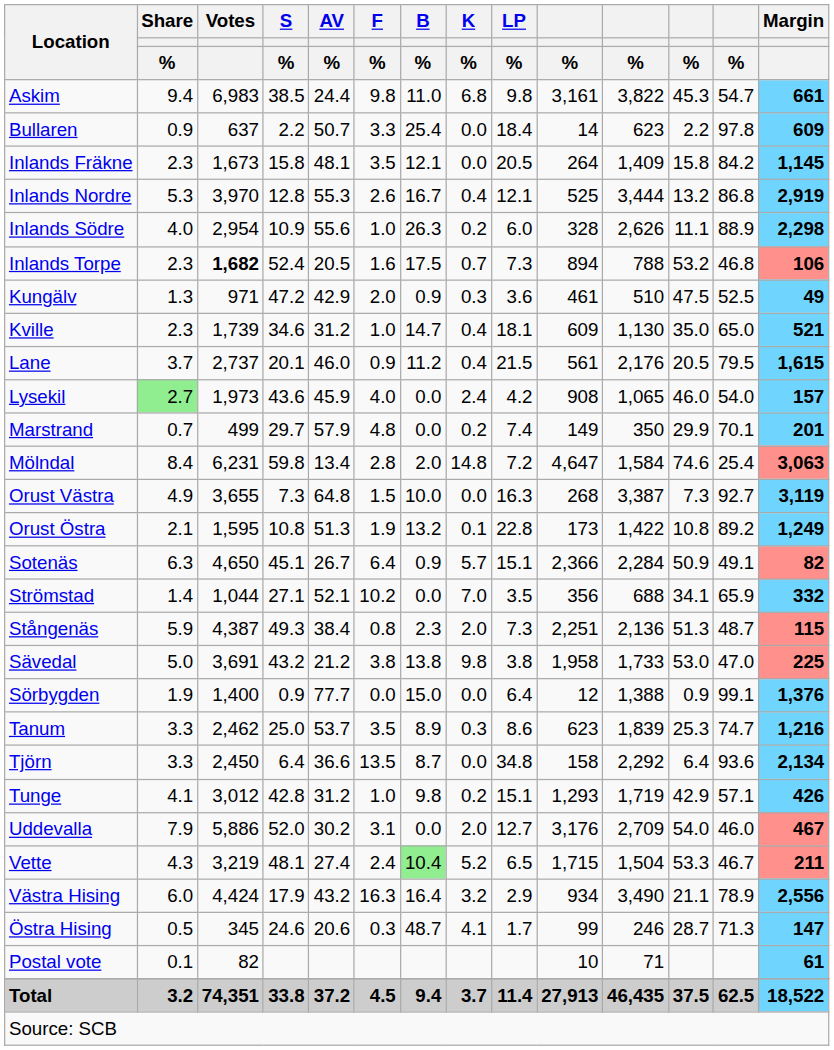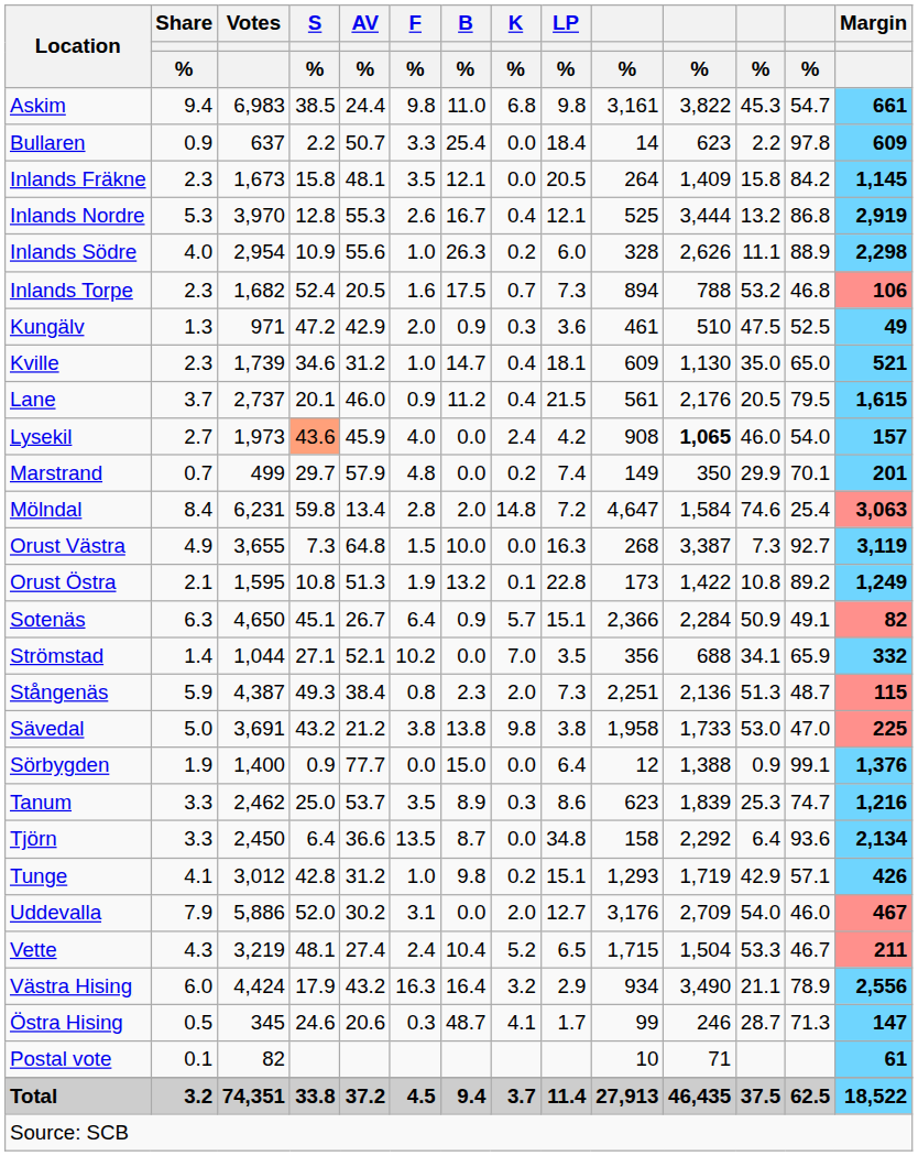 <table class="wikitable sortable" style="text-align:right; font-size:95%; line-height:20px;">
 <tr>
 <th rowspan="3">Location</th>
 <th>Share</th>
 <th>Votes</th>
 <th width="30px" class="unsortable"><a href='#'>S</a></th>
 <th width="30px" class="unsortable"><a href='#'>AV</a></th>
 <th width="30px" class="unsortable"><a href='#'>F</a></th>
 <th width="30px" class="unsortable"><a href='#'>B</a></th>
 <th width="30px" class="unsortable"><a href='#'>K</a></th>
 <th width="30px" class="unsortable"><a href='#'>LP</a></th>
 <th></th>
 <th></th>
 <th></th>
 <th></th>
 <th>Margin</th>
 </tr>
 <tr>
 <th></th>
 <th></th>
 <th style="background:"></th>
 <th style="background:"></th>
 <th style="background:"></th>
 <th style="background:"></th>
 <th style="background:"></th>
 <th style="background:"></th>
 <th style="background:"></th>
 <th style="background:"></th>
 <th style="background:"></th>
 <th style="background:"></th>
 <th></th>
 </tr>
 <tr>
 <th data-sort-type="number">%</th>
 <th></th>
 <th data-sort-type="number">%</th>
 <th data-sort-type="number">%</th>
 <th data-sort-type="number">%</th>
 <th data-sort-type="number">%</th>
 <th data-sort-type="number">%</th>
 <th data-sort-type="number">%</th>
 <th data-sort-type="number">%</th>
 <th data-sort-type="number">%</th>
 <th data-sort-type="number">%</th>
 <th data-sort-type="number">%</th>
 <th></th>
 </tr>
 <tr>
 <td align=left><a href='#'>Askim</a></td>
 <td>9.4</td>
 <td>6,983</td>
 <td>38.5</td>
 <td>24.4</td>
 <td>9.8</td>
 <td>11.0</td>
 <td>6.8</td>
 <td>9.8</td>
 <td>3,161</td>
 <td>3,822</td>
 <td>45.3</td>
 <td>54.7</td>
 <td bgcolor=#6fd5fe><strong>661</strong></td>
 </tr>
 <tr>
 <td align=left><a href='#'>Bullaren</a></td>
 <td>0.9</td>
 <td>637</td>
 <td>2.2</td>
 <td>50.7</td>
 <td>3.3</td>
 <td>25.4</td>
 <td>0.0</td>
 <td>18.4</td>
 <td>14</td>
 <td>623</td>
 <td>2.2</td>
 <td>97.8</td>
 <td bgcolor=#6fd5fe><strong>609</strong></td>
 </tr>
 <tr>
 <td align=left><a href='#'>Inlands Fräkne</a></td>
 <td>2.3</td>
 <td>1,673</td>
 <td>15.8</td>
 <td>48.1</td>
 <td>3.5</td>
 <td>12.1</td>
 <td>0.0</td>
 <td>20.5</td>
 <td>264</td>
 <td>1,409</td>
 <td>15.8</td>
 <td>84.2</td>
 <td bgcolor=#6fd5fe><strong>1,145</strong></td>
 </tr>
 <tr>
 <td align=left><a href='#'>Inlands Nordre</a></td>
 <td>5.3</td>
 <td>3,970</td>
 <td>12.8</td>
 <td>55.3</td>
 <td>2.6</td>
 <td>16.7</td>
 <td>0.4</td>
 <td>12.1</td>
 <td>525</td>
 <td>3,444</td>
 <td>13.2</td>
 <td>86.8</td>
 <td bgcolor=#6fd5fe><strong>2,919</strong></td>
 </tr>
 <tr>
 <td align=left><a href='#'>Inlands Södre</a></td>
 <td>4.0</td>
 <td>2,954</td>
 <td>10.9</td>
 <td>55.6</td>
 <td>1.0</td>
 <td>26.3</td>
 <td>0.2</td>
 <td>6.0</td>
 <td>328</td>
 <td>2,626</td>
 <td>11.1</td>
 <td>88.9</td>
 <td bgcolor=#6fd5fe><strong>2,298</strong></td>
 </tr>
 <tr>
 <td align=left><a href='#'>Inlands Torpe</a></td>
 <td>2.3</td>
-<td><strong>1,682</strong></td>
+<td>1,682</td>
 <td>52.4</td>
 <td>20.5</td>
 <td>1.6</td>
 <td>17.5</td>
 <td>0.7</td>
 <td>7.3</td>
 <td>894</td>
 <td>788</td>
 <td>53.2</td>
 <td>46.8</td>
 <td bgcolor=#ff908c><strong>106</strong></td>
 </tr>
 <tr>
 <td align=left><a href='#'>Kungälv</a></td>
 <td>1.3</td>
 <td>971</td>
 <td>47.2</td>
 <td>42.9</td>
 <td>2.0</td>
 <td>0.9</td>
 <td>0.3</td>
 <td>3.6</td>
 <td>461</td>
 <td>510</td>
 <td>47.5</td>
 <td>52.5</td>
 <td bgcolor=#6fd5fe><strong>49</strong></td>
 </tr>
 <tr>
 <td align=left><a href='#'>Kville</a></td>
 <td>2.3</td>
 <td>1,739</td>
 <td>34.6</td>
 <td>31.2</td>
 <td>1.0</td>
 <td>14.7</td>
 <td>0.4</td>
 <td>18.1</td>
 <td>609</td>
 <td>1,130</td>
 <td>35.0</td>
 <td>65.0</td>
 <td bgcolor=#6fd5fe><strong>521</strong></td>
 </tr>
 <tr>
 <td align=left><a href='#'>Lane</a></td>
 <td>3.7</td>
 <td>2,737</td>
 <td>20.1</td>
 <td>46.0</td>
 <td>0.9</td>
 <td>11.2</td>
 <td>0.4</td>
 <td>21.5</td>
 <td>561</td>
 <td>2,176</td>
 <td>20.5</td>
 <td>79.5</td>
 <td bgcolor=#6fd5fe><strong>1,615</strong></td>
 </tr>
 <tr>
 <td align=left><a href='#'>Lysekil</a></td>
-<td style="background: lightgreen;">2.7</td>
+<td>2.7</td>
 <td>1,973</td>
-<td>43.6</td>
+<td style="background: lightsalmon;">43.6</td>
 <td>45.9</td>
 <td>4.0</td>
 <td>0.0</td>
 <td>2.4</td>
 <td>4.2</td>
 <td>908</td>
-<td>1,065</td>
+<td><strong>1,065</strong></td>
 <td>46.0</td>
 <td>54.0</td>
 <td bgcolor=#6fd5fe><strong>157</strong></td>
 </tr>
 <tr>
 <td align=left><a href='#'>Marstrand</a></td>
 <td>0.7</td>
 <td>499</td>
 <td>29.7</td>
 <td>57.9</td>
 <td>4.8</td>
 <td>0.0</td>
 <td>0.2</td>
 <td>7.4</td>
 <td>149</td>
 <td>350</td>
 <td>29.9</td>
 <td>70.1</td>
 <td bgcolor=#6fd5fe><strong>201</strong></td>
 </tr>
 <tr>
 <td align=left><a href='#'>Mölndal</a></td>
 <td>8.4</td>
 <td>6,231</td>
 <td>59.8</td>
 <td>13.4</td>
 <td>2.8</td>
 <td>2.0</td>
 <td>14.8</td>
 <td>7.2</td>
 <td>4,647</td>
 <td>1,584</td>
 <td>74.6</td>
 <td>25.4</td>
 <td bgcolor=#ff908c><strong>3,063</strong></td>
 </tr>
 <tr>
 <td align=left><a href='#'>Orust Västra</a></td>
 <td>4.9</td>
 <td>3,655</td>
 <td>7.3</td>
 <td>64.8</td>
 <td>1.5</td>
 <td>10.0</td>
 <td>0.0</td>
 <td>16.3</td>
 <td>268</td>
 <td>3,387</td>
 <td>7.3</td>
 <td>92.7</td>
 <td bgcolor=#6fd5fe><strong>3,119</strong></td>
 </tr>
 <tr>
 <td align=left><a href='#'>Orust Östra</a></td>
 <td>2.1</td>
 <td>1,595</td>
 <td>10.8</td>
 <td>51.3</td>
 <td>1.9</td>
 <td>13.2</td>
 <td>0.1</td>
 <td>22.8</td>
 <td>173</td>
 <td>1,422</td>
 <td>10.8</td>
 <td>89.2</td>
 <td bgcolor=#6fd5fe><strong>1,249</strong></td>
 </tr>
 <tr>
 <td align=left><a href='#'>Sotenäs</a></td>
 <td>6.3</td>
 <td>4,650</td>
 <td>45.1</td>
 <td>26.7</td>
 <td>6.4</td>
 <td>0.9</td>
 <td>5.7</td>
 <td>15.1</td>
 <td>2,366</td>
 <td>2,284</td>
 <td>50.9</td>
 <td>49.1</td>
 <td bgcolor=#ff908c><strong>82</strong></td>
 </tr>
 <tr>
 <td align=left><a href='#'>Strömstad</a></td>
 <td>1.4</td>
 <td>1,044</td>
 <td>27.1</td>
 <td>52.1</td>
 <td>10.2</td>
 <td>0.0</td>
 <td>7.0</td>
 <td>3.5</td>
 <td>356</td>
 <td>688</td>
 <td>34.1</td>
 <td>65.9</td>
 <td bgcolor=#6fd5fe><strong>332</strong></td>
 </tr>
 <tr>
 <td align=left><a href='#'>Stångenäs</a></td>
 <td>5.9</td>
 <td>4,387</td>
 <td>49.3</td>
 <td>38.4</td>
 <td>0.8</td>
 <td>2.3</td>
 <td>2.0</td>
 <td>7.3</td>
 <td>2,251</td>
 <td>2,136</td>
 <td>51.3</td>
 <td>48.7</td>
 <td bgcolor=#ff908c><strong>115</strong></td>
 </tr>
 <tr>
 <td align=left><a href='#'>Sävedal</a></td>
 <td>5.0</td>
 <td>3,691</td>
 <td>43.2</td>
 <td>21.2</td>
 <td>3.8</td>
 <td>13.8</td>
 <td>9.8</td>
 <td>3.8</td>
 <td>1,958</td>
 <td>1,733</td>
 <td>53.0</td>
 <td>47.0</td>
 <td bgcolor=#ff908c><strong>225</strong></td>
 </tr>
 <tr>
 <td align=left><a href='#'>Sörbygden</a></td>
 <td>1.9</td>
 <td>1,400</td>
 <td>0.9</td>
 <td>77.7</td>
 <td>0.0</td>
 <td>15.0</td>
 <td>0.0</td>
 <td>6.4</td>
 <td>12</td>
 <td>1,388</td>
 <td>0.9</td>
 <td>99.1</td>
 <td bgcolor=#6fd5fe><strong>1,376</strong></td>
 </tr>
 <tr>
 <td align=left><a href='#'>Tanum</a></td>
 <td>3.3</td>
 <td>2,462</td>
 <td>25.0</td>
 <td>53.7</td>
 <td>3.5</td>
 <td>8.9</td>
 <td>0.3</td>
 <td>8.6</td>
 <td>623</td>
 <td>1,839</td>
 <td>25.3</td>
 <td>74.7</td>
 <td bgcolor=#6fd5fe><strong>1,216</strong></td>
 </tr>
 <tr>
 <td align=left><a href='#'>Tjörn</a></td>
 <td>3.3</td>
 <td>2,450</td>
 <td>6.4</td>
 <td>36.6</td>
 <td>13.5</td>
 <td>8.7</td>
 <td>0.0</td>
 <td>34.8</td>
 <td>158</td>
 <td>2,292</td>
 <td>6.4</td>
 <td>93.6</td>
 <td bgcolor=#6fd5fe><strong>2,134</strong></td>
 </tr>
 <tr>
 <td align=left><a href='#'>Tunge</a></td>
 <td>4.1</td>
 <td>3,012</td>
 <td>42.8</td>
 <td>31.2</td>
 <td>1.0</td>
 <td>9.8</td>
 <td>0.2</td>
 <td>15.1</td>
 <td>1,293</td>
 <td>1,719</td>
 <td>42.9</td>
 <td>57.1</td>
 <td bgcolor=#6fd5fe><strong>426</strong></td>
 </tr>
 <tr>
 <td align=left><a href='#'>Uddevalla</a></td>
 <td>7.9</td>
 <td>5,886</td>
 <td>52.0</td>
 <td>30.2</td>
 <td>3.1</td>
 <td>0.0</td>
 <td>2.0</td>
 <td>12.7</td>
 <td>3,176</td>
 <td>2,709</td>
 <td>54.0</td>
 <td>46.0</td>
 <td bgcolor=#ff908c><strong>467</strong></td>
 </tr>
 <tr>
 <td align=left><a href='#'>Vette</a></td>
 <td>4.3</td>
 <td>3,219</td>
 <td>48.1</td>
 <td>27.4</td>
 <td>2.4</td>
-<td style="background: lightgreen;">10.4</td>
+<td>10.4</td>
 <td>5.2</td>
 <td>6.5</td>
 <td>1,715</td>
 <td>1,504</td>
 <td>53.3</td>
 <td>46.7</td>
 <td bgcolor=#ff908c><strong>211</strong></td>
 </tr>
 <tr>
 <td align=left><a href='#'>Västra Hising</a></td>
 <td>6.0</td>
 <td>4,424</td>
 <td>17.9</td>
 <td>43.2</td>
 <td>16.3</td>
 <td>16.4</td>
 <td>3.2</td>
 <td>2.9</td>
 <td>934</td>
 <td>3,490</td>
 <td>21.1</td>
 <td>78.9</td>
 <td bgcolor=#6fd5fe><strong>2,556</strong></td>
 </tr>
 <tr>
 <td align=left><a href='#'>Östra Hising</a></td>
 <td>0.5</td>
 <td>345</td>
 <td>24.6</td>
 <td>20.6</td>
 <td>0.3</td>
 <td>48.7</td>
 <td>4.1</td>
 <td>1.7</td>
 <td>99</td>
 <td>246</td>
 <td>28.7</td>
 <td>71.3</td>
 <td bgcolor=#6fd5fe><strong>147</strong></td>
 </tr>
 <tr>
 <td align=left><a href='#'>Postal vote</a></td>
 <td>0.1</td>
 <td>82</td>
 <td></td>
 <td></td>
 <td></td>
 <td></td>
 <td></td>
 <td></td>
 <td>10</td>
 <td>71</td>
 <td></td>
 <td></td>
 <td bgcolor=#6fd5fe><strong>61</strong></td>
 </tr>
 <tr>
 </tr>
 <tr style="background:#CDCDCD;">
 <td align=left><strong>Total</strong></td>
 <td><strong>3.2</strong></td>
 <td><strong>74,351</strong></td>
 <td><strong>33.8</strong></td>
 <td><strong>37.2</strong></td>
 <td><strong>4.5</strong></td>
 <td><strong>9.4</strong></td>
 <td><strong>3.7</strong></td>
 <td><strong>11.4</strong></td>
 <td><strong>27,913</strong></td>
 <td><strong>46,435</strong></td>
 <td><strong>37.5</strong></td>
 <td><strong>62.5</strong></td>
 <td bgcolor=#6fd5fe><strong>18,522</strong></td>
 </tr>
 <tr>
 <td align=left colspan=14>Source: SCB </td>
 </tr>
 </table>
